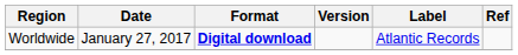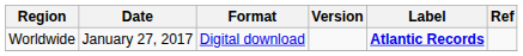 <table class="wikitable plainrowheaders">
 <tr>
 <th scope="col">Region</th>
 <th scope="col">Date</th>
 <th scope="col">Format</th>
 <th scope="col">Version</th>
 <th scope="col">Label</th>
 <th scope="col">Ref</th>
 </tr>
 <tr>
 <td>Worldwide</td>
 <td>January 27, 2017</td>
-<td><strong><a href='#'>Digital download</a></strong></td>
+<td><a href='#'>Digital download</a></td>
 <td></td>
-<td><a href='#'>Atlantic Records</a></td>
+<td><strong><a href='#'>Atlantic Records</a></strong></td>
 <td style="text-align:center;"></td>
 </tr>
 <tr>
 </tr>
 </table>
